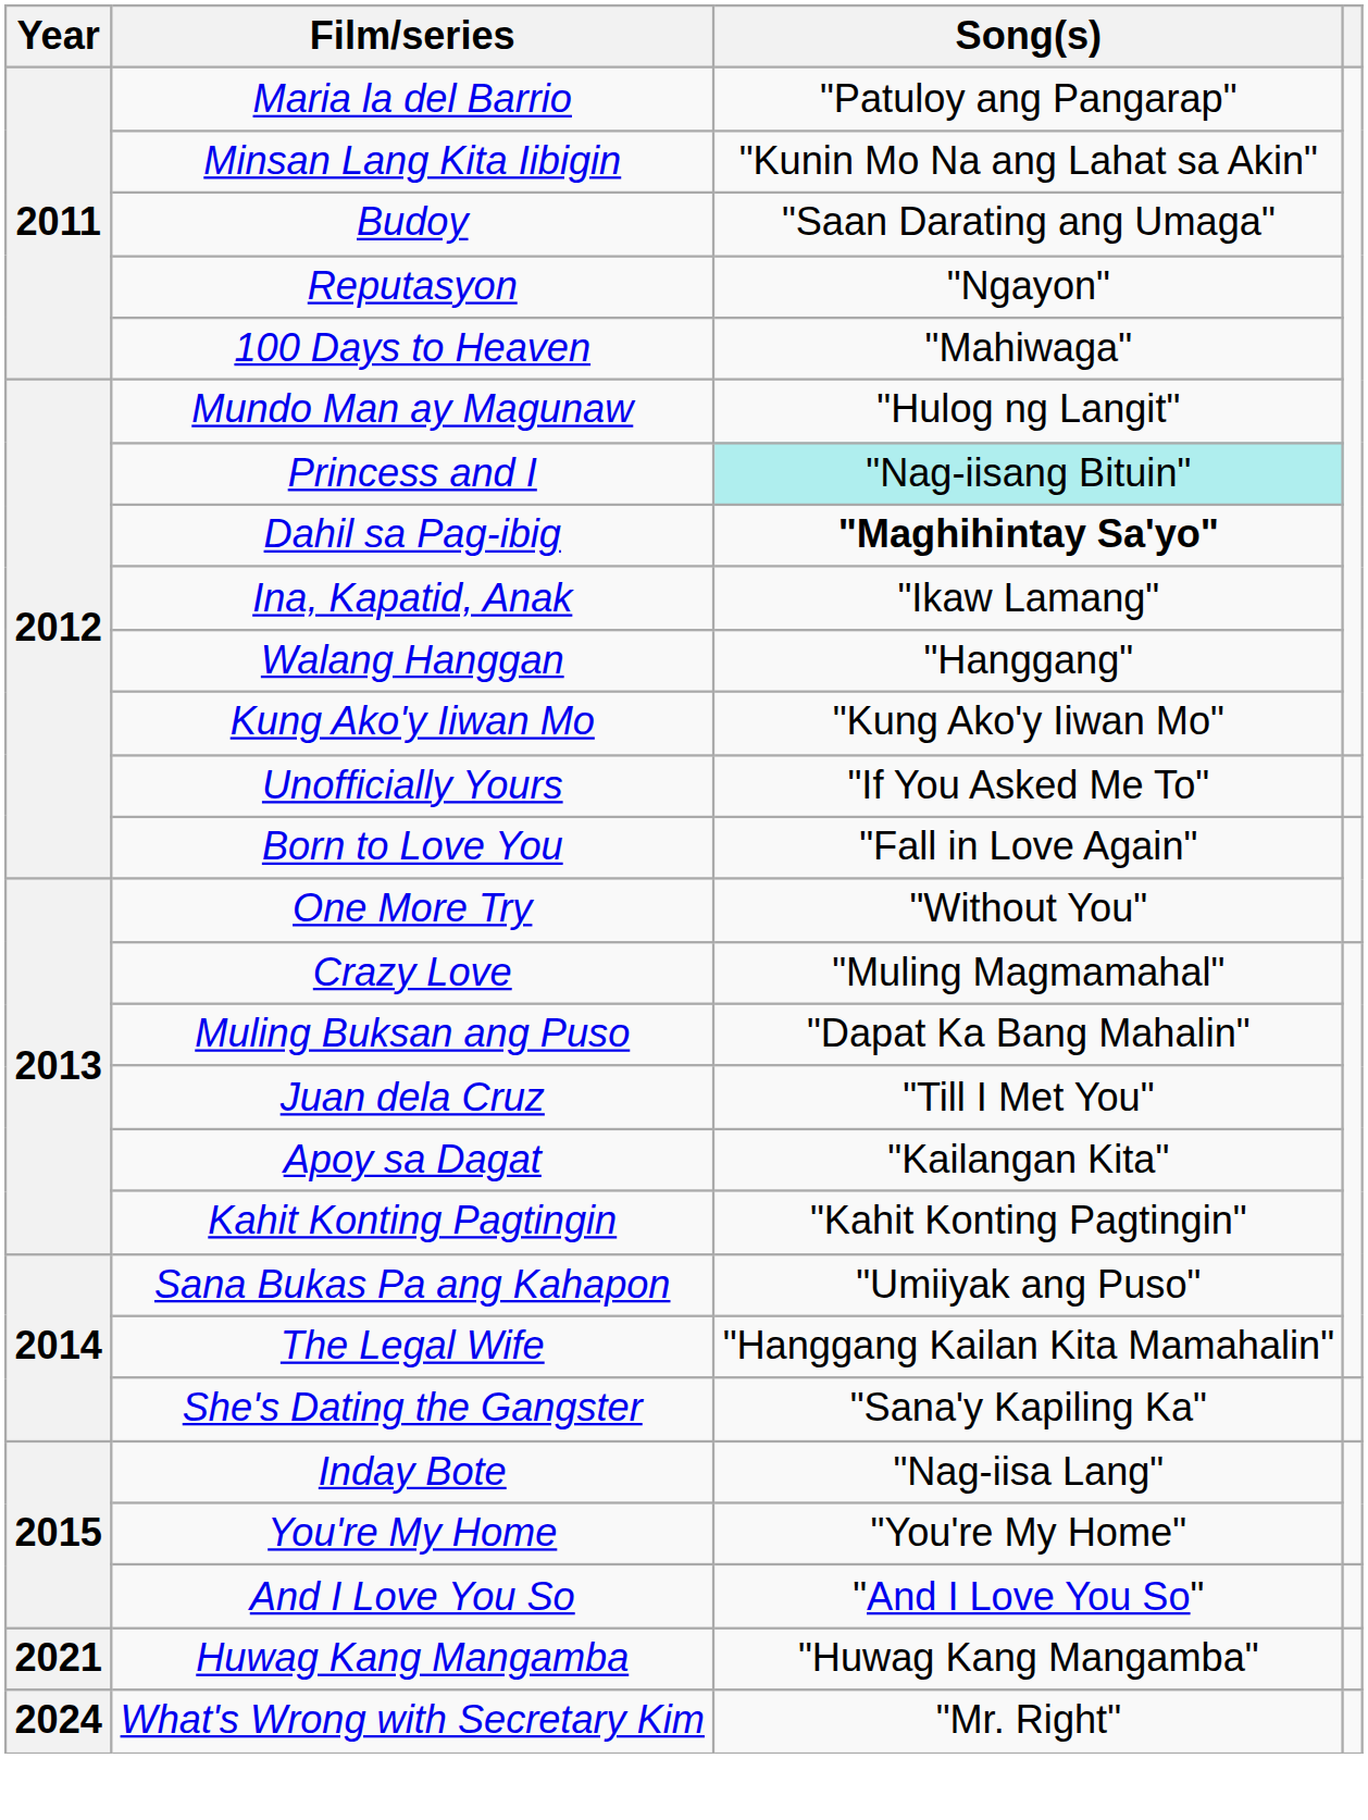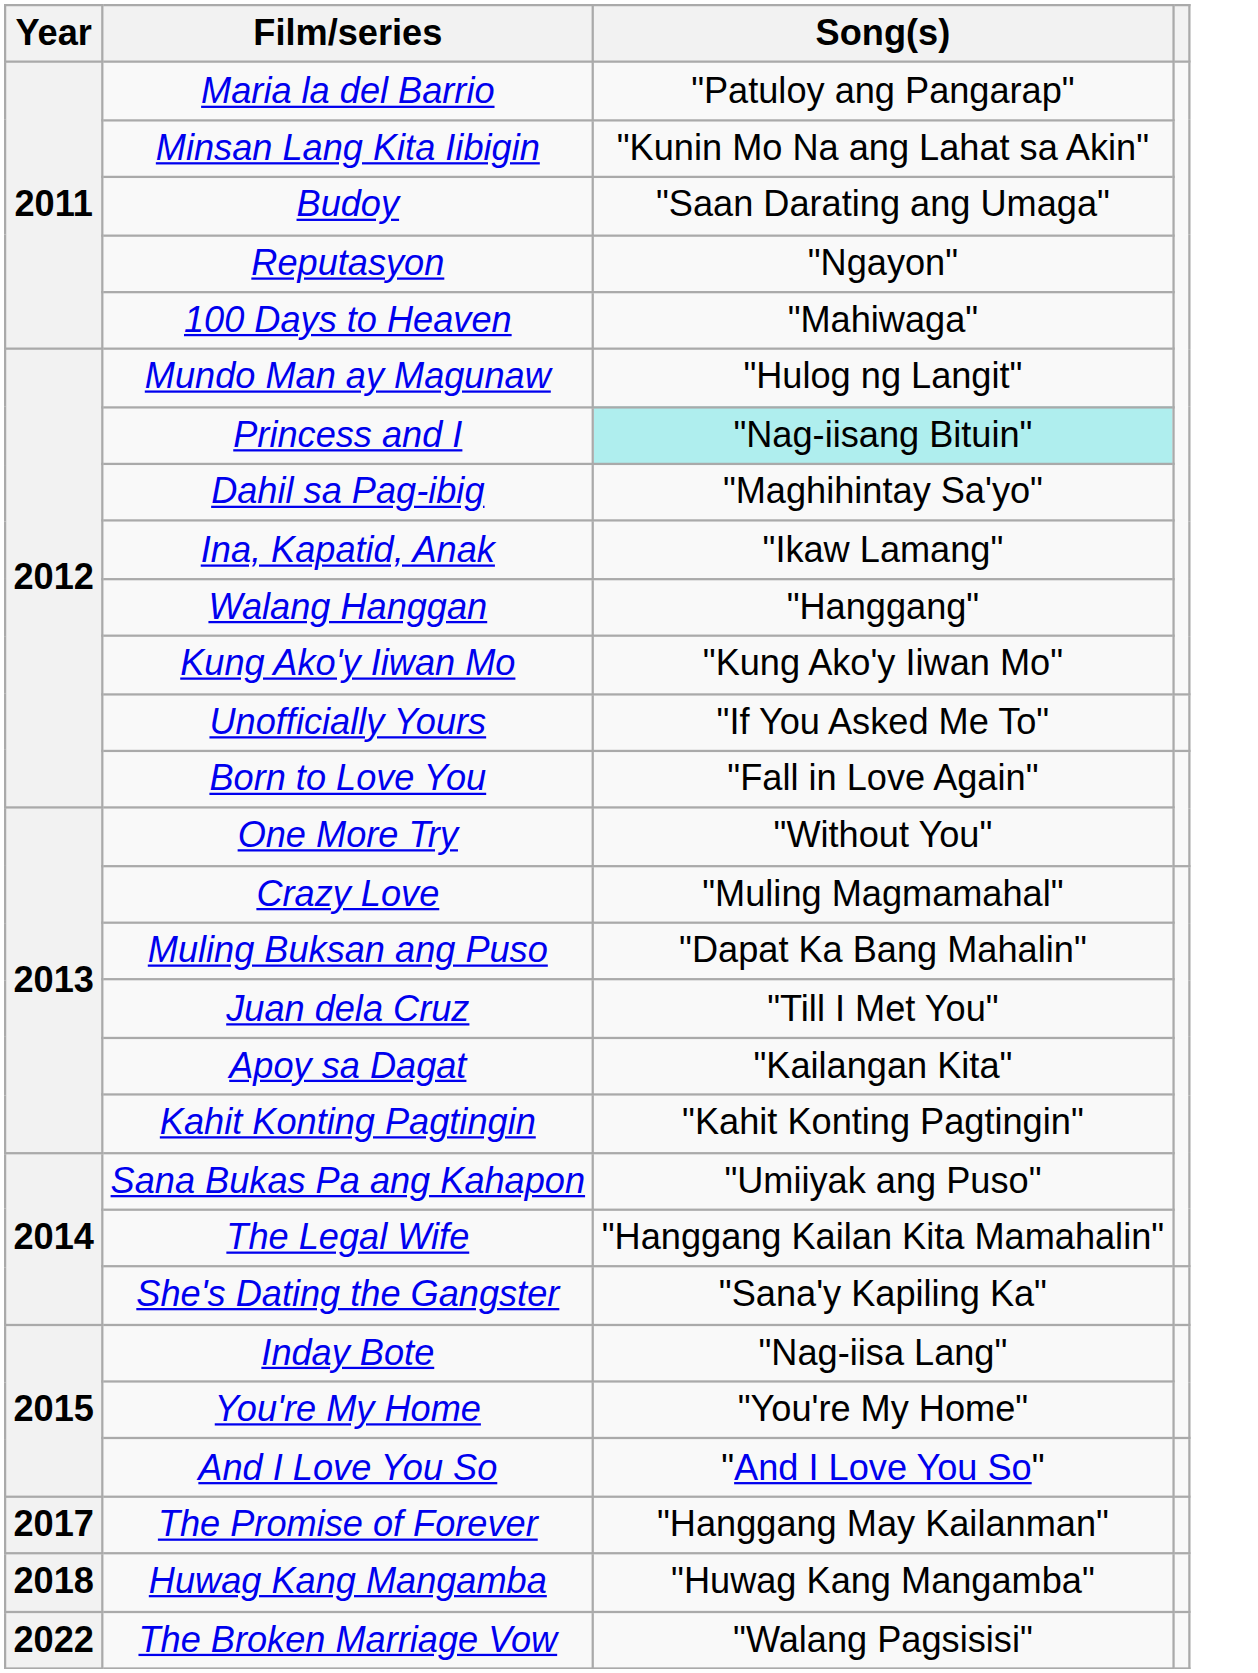 <table class="wikitable plainrowheaders" style="text-align:center;">
 <tr>
 <th scope="col">Year</th>
 <th scope="col">Film/series</th>
 <th scope="col">Song(s)</th>
 <th scope="col"></th>
 </tr>
 <tr>
 <th scope=row rowspan="5">2011</th>
 <td><em><a href='#'>Maria la del Barrio</a></em></td>
 <td>"Patuloy ang Pangarap"</td>
 <td rowspan="11"></td>
 </tr>
 <tr>
 <td><em><a href='#'>Minsan Lang Kita Iibigin</a></em></td>
 <td>"Kunin Mo Na ang Lahat sa Akin"</td>
 </tr>
 <tr>
 <td><em><a href='#'>Budoy</a></em></td>
 <td>"Saan Darating ang Umaga"</td>
 </tr>
 <tr>
 <td><em><a href='#'>Reputasyon</a></em></td>
 <td>"Ngayon"</td>
 </tr>
 <tr>
 <td><em><a href='#'>100 Days to Heaven</a></em></td>
 <td>"Mahiwaga"</td>
 </tr>
 <tr>
 <th scope=row rowspan="8">2012</th>
 <td><em><a href='#'>Mundo Man ay Magunaw</a></em></td>
 <td>"Hulog ng Langit"</td>
 </tr>
 <tr>
 <td><em><a href='#'>Princess and I</a></em></td>
 <td style="background: paleturquoise;">"Nag-iisang Bituin"</td>
 </tr>
 <tr>
 <td><em><a href='#'>Dahil sa Pag-ibig</a></em></td>
-<td><strong>"Maghihintay Sa'yo"</strong></td>
+<td>"Maghihintay Sa'yo"</td>
 </tr>
 <tr>
 <td><em><a href='#'>Ina, Kapatid, Anak</a></em></td>
 <td>"Ikaw Lamang"</td>
 </tr>
 <tr>
 <td><em><a href='#'>Walang Hanggan</a></em></td>
 <td>"Hanggang"</td>
 </tr>
 <tr>
 <td><em><a href='#'>Kung Ako'y Iiwan Mo</a></em></td>
 <td>"Kung Ako'y Iiwan Mo"</td>
 </tr>
 <tr>
 <td><em><a href='#'>Unofficially Yours</a></em></td>
 <td>"If You Asked Me To"</td>
 <td></td>
 </tr>
 <tr>
 <td><em><a href='#'>Born to Love You</a></em></td>
 <td>"Fall in Love Again"</td>
 <td rowspan="2"></td>
 </tr>
 <tr>
 <th scope=row rowspan="6">2013</th>
 <td><em><a href='#'>One More Try</a></em></td>
 <td>"Without You"</td>
 </tr>
 <tr>
 <td><em><a href='#'>Crazy Love</a></em></td>
 <td>"Muling Magmamahal"</td>
 <td rowspan="7"></td>
 </tr>
 <tr>
 <td><em><a href='#'>Muling Buksan ang Puso</a></em></td>
 <td>"Dapat Ka Bang Mahalin"</td>
 </tr>
 <tr>
 <td><em><a href='#'>Juan dela Cruz</a></em></td>
 <td>"Till I Met You"</td>
 </tr>
 <tr>
 <td><em><a href='#'>Apoy sa Dagat</a></em></td>
 <td>"Kailangan Kita"</td>
 </tr>
 <tr>
 <td><em><a href='#'>Kahit Konting Pagtingin</a></em></td>
 <td>"Kahit Konting Pagtingin"</td>
 </tr>
 <tr>
 <th scope=row rowspan="3">2014</th>
 <td><em><a href='#'>Sana Bukas Pa ang Kahapon</a></em></td>
 <td>"Umiiyak ang Puso"</td>
 </tr>
 <tr>
 <td><em><a href='#'>The Legal Wife</a></em></td>
 <td>"Hanggang Kailan Kita Mamahalin"</td>
 </tr>
 <tr>
 <td><em><a href='#'>She's Dating the Gangster</a></em></td>
 <td>"Sana'y Kapiling Ka"</td>
 <td></td>
 </tr>
 <tr>
 <th scope=row rowspan="3">2015</th>
 <td><em><a href='#'>Inday Bote</a></em></td>
 <td>"Nag-iisa Lang"</td>
 <td rowspan="2"></td>
 </tr>
 <tr>
 <td><em><a href='#'>You're My Home</a></em></td>
 <td>"You're My Home"</td>
 </tr>
 <tr>
 <td><em><a href='#'>And I Love You So</a></em></td>
 <td>"<a href='#'>And I Love You So</a>"</td>
 <td></td>
 </tr>
 <tr>
-<th scope=row>2021</th>
+<th scope=row>2017</th>
+<td><em><a href='#'>The Promise of Forever</a></em></td>
+<td>"Hanggang May Kailanman"</td>
+<td></td>
+</tr>
+<tr>
+<th scope=row>2018</th>
 <td><em><a href='#'>Huwag Kang Mangamba</a></em></td>
 <td>"Huwag Kang Mangamba"</td>
 <td></td>
 </tr>
 <tr>
-<th scope=row>2024</th>
-<td><em><a href='#'>What's Wrong with Secretary Kim</a></em></td>
-<td>"Mr. Right"</td>
+<th scope=row>2022</th>
+<td><em><a href='#'>The Broken Marriage Vow</a></em></td>
+<td>"Walang Pagsisisi"</td>
 <td></td>
 </tr>
 </table>
